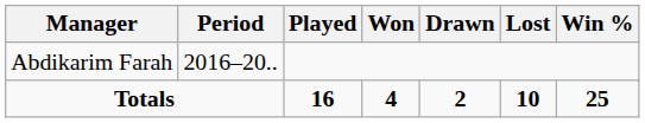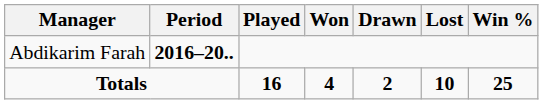 <table class="wikitable sortable" style="text-align:center;">
 <tr>
 <th>Manager</th>
 <th>Period</th>
 <th>Played</th>
 <th>Won</th>
 <th>Drawn</th>
 <th>Lost</th>
 <th>Win %</th>
 </tr>
 <tr>
 <td style="text-align: left;"> Abdikarim Farah</td>
-<td>2016–20..<br></td>
+<td><strong>2016–20..<br></strong></td>
 </tr>
 <tr>
 <td colspan="2"><strong>Totals</strong></td>
 <td><strong>16</strong></td>
 <td><strong>4</strong></td>
 <td><strong>2</strong></td>
 <td><strong>10</strong></td>
 <td><strong>25</strong></td>
 </tr>
 </table>
